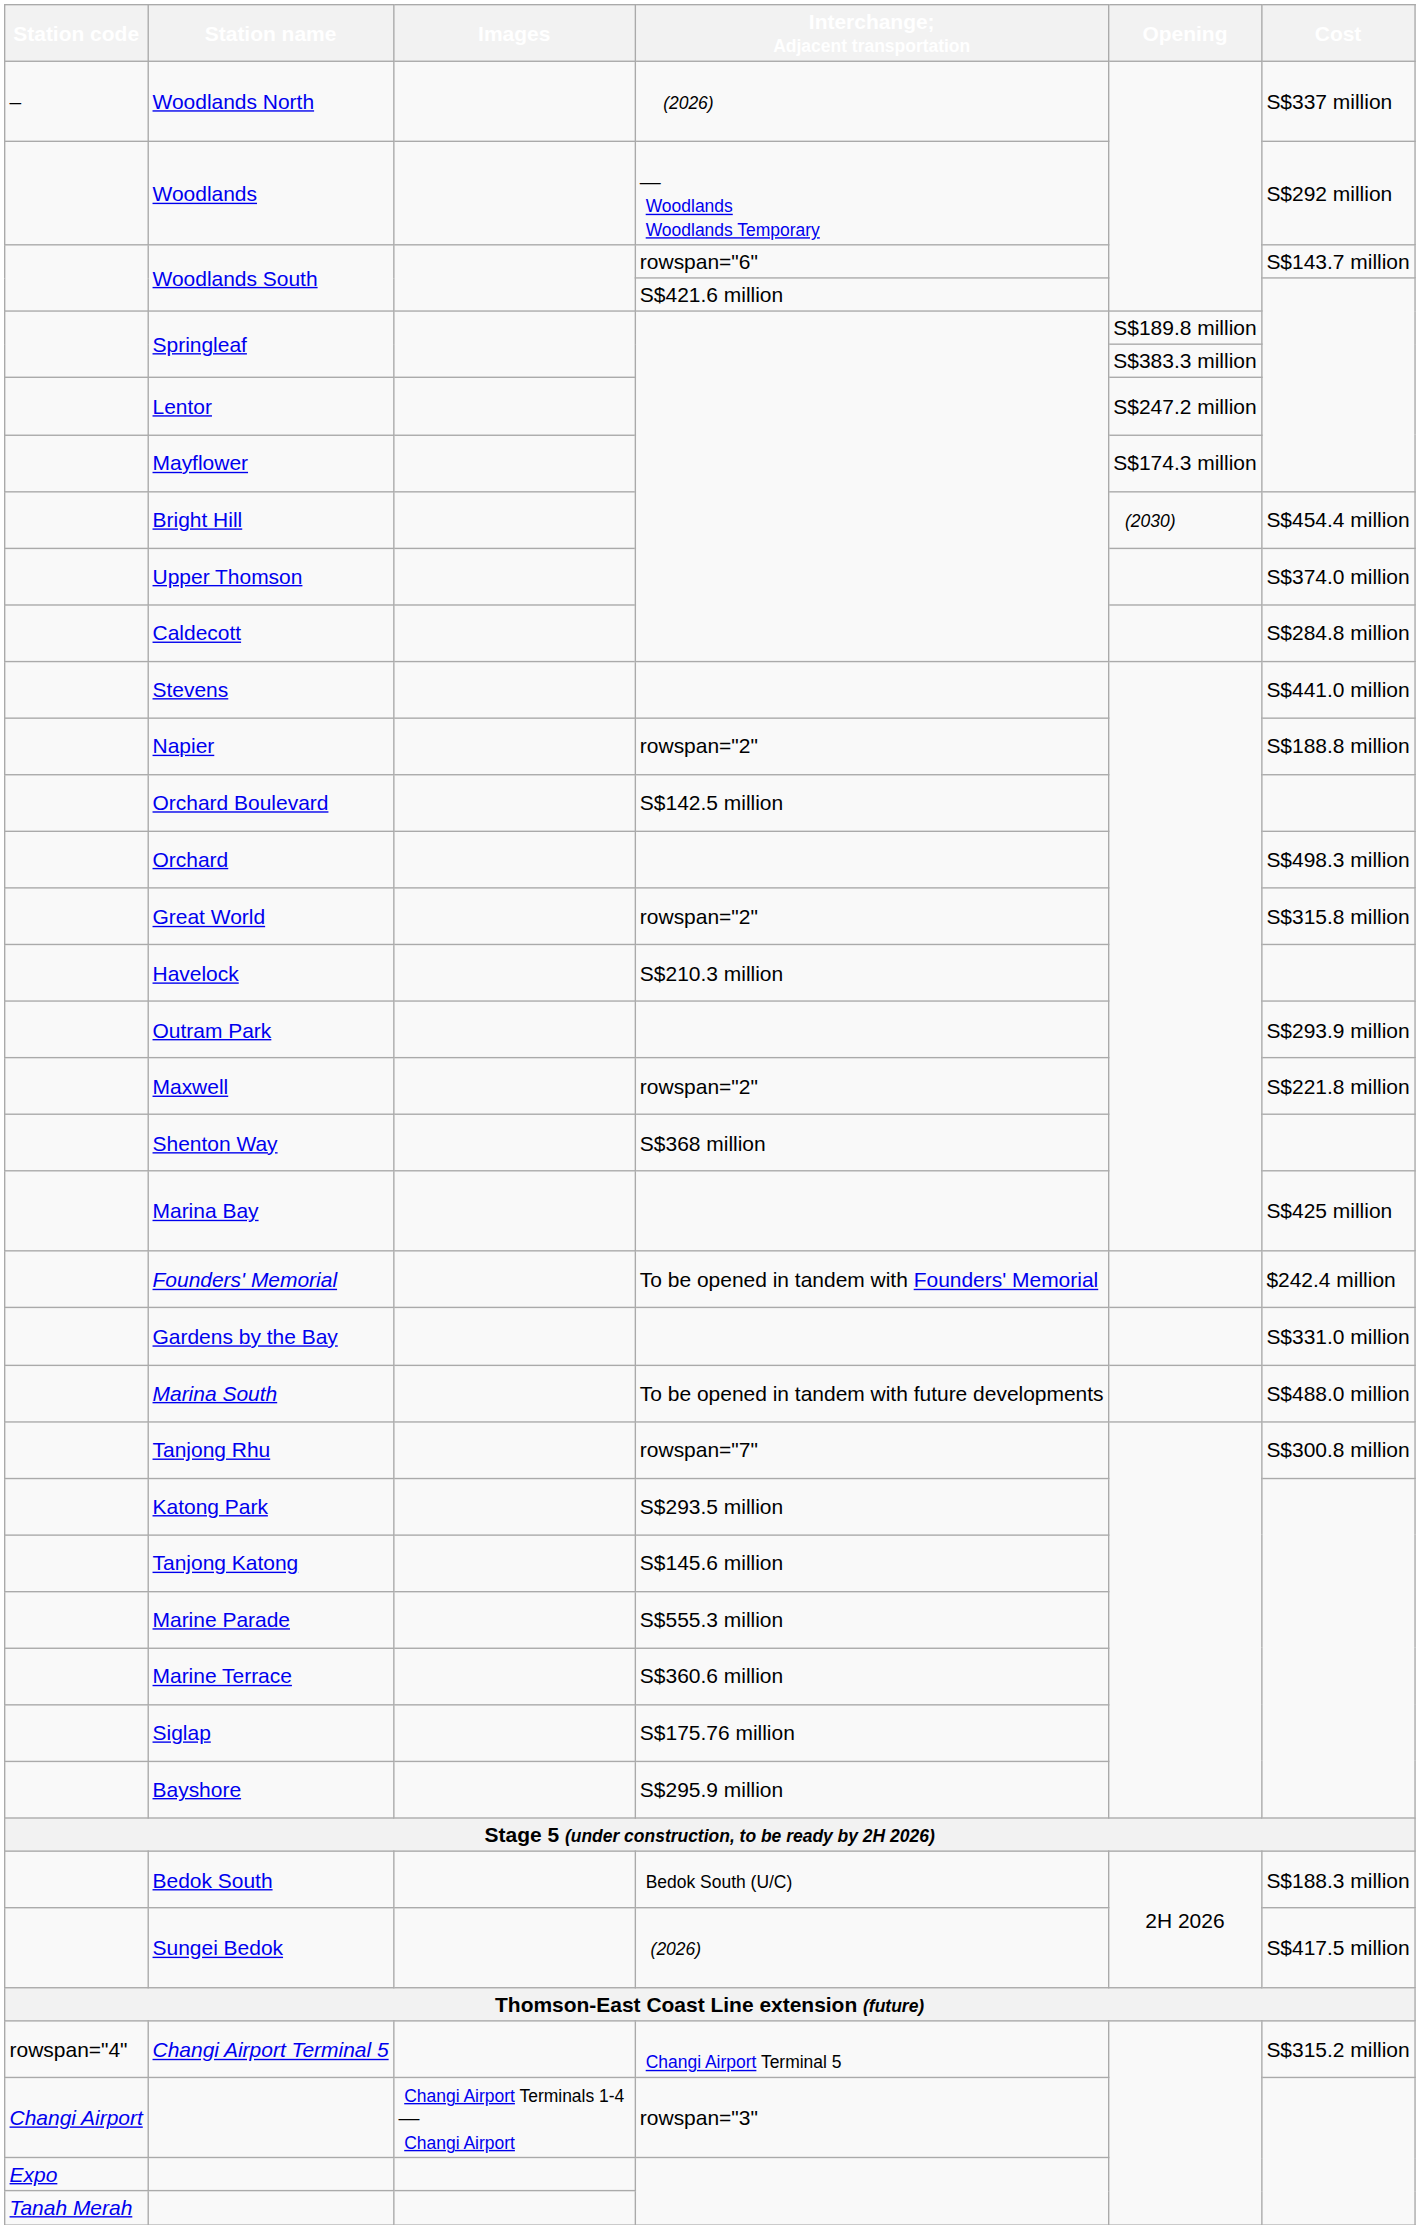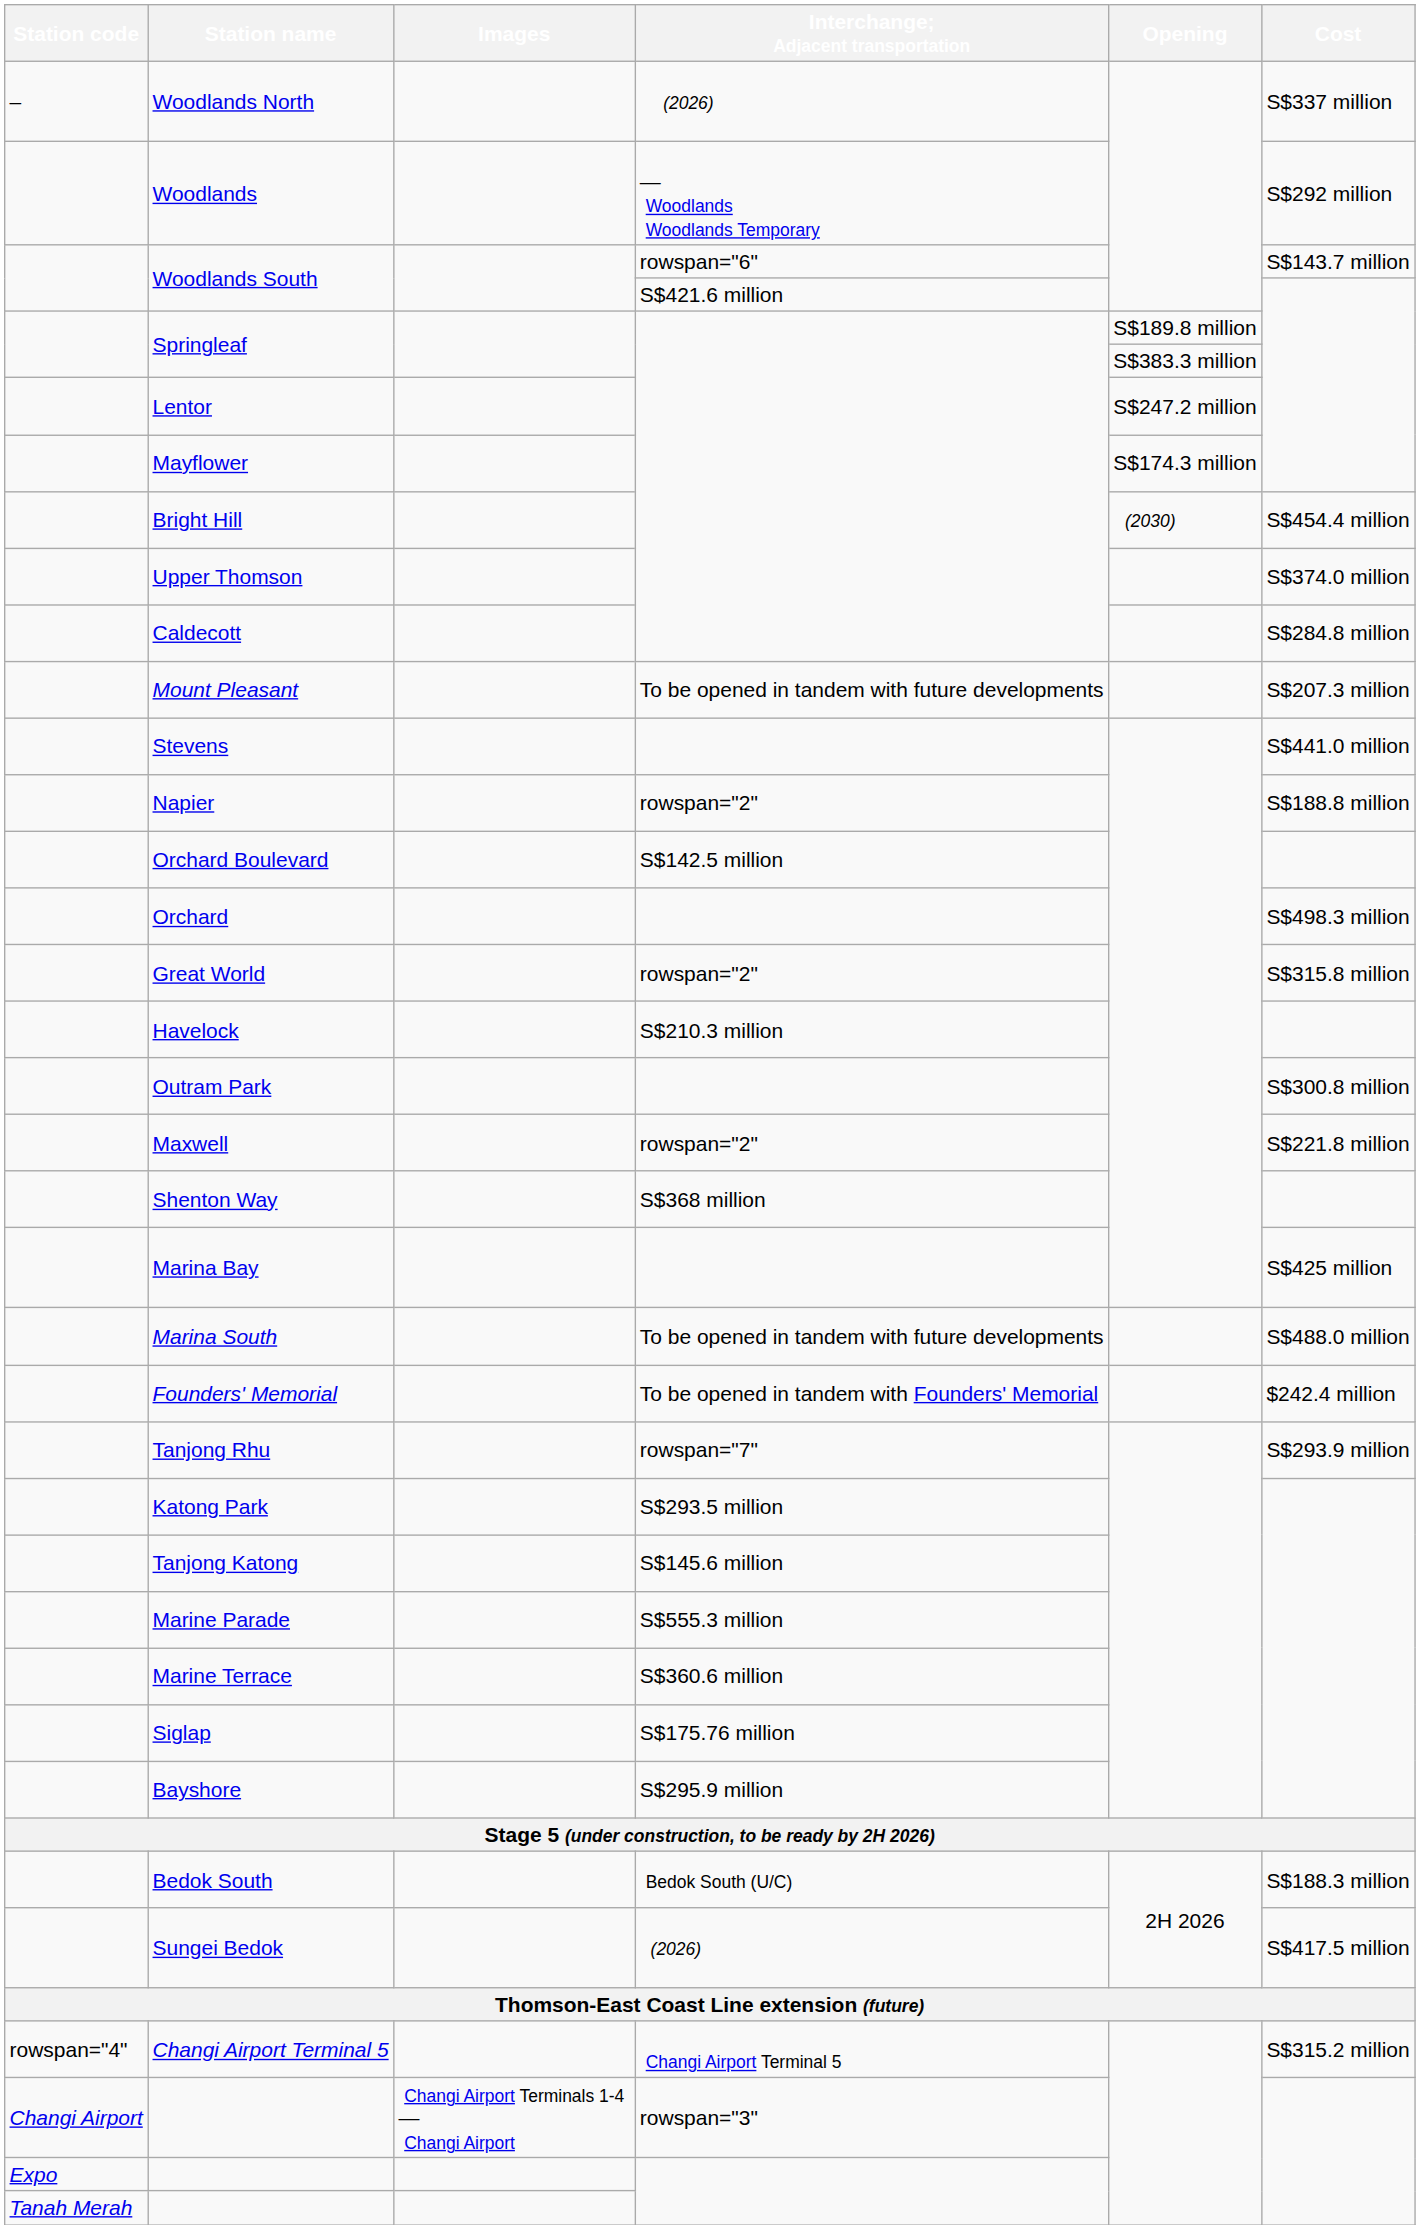 <table class="wikitable" style="color: black; border-collapse: collapse; font-size: 95%">
 <tr>
 <th scope="col" style="color: white; background:#">Station code</th>
 <th scope="col" style="color: white; background:#">Station name</th>
 <th scope="col" style="color: white; background:#">Images</th>
 <th scope="col" style="color: white; background:#">Interchange;<br><small>Adjacent transportation</small></th>
 <th scope="col" style="color: white; background:#">Opening</th>
 <th scope="col" style="color: white; background:#">Cost</th>
 </tr>
 <tr>
 <td scope="row"> <br> – <br>  </td>
 <td><a href='#'>Woodlands North</a></td>
 <td></td>
 <td>    <small><em>(2026)</em></small></td>
 <td rowspan="4"></td>
 <td>S$337 million</td>
 </tr>
 <tr>
 <td scope="row"> <br>   </td>
 <td><a href='#'>Woodlands</a></td>
 <td></td>
 <td> <br> ― <br> <small><a href='#'>Woodlands</a></small><br> <small><a href='#'>Woodlands Temporary</a></small></td>
 <td>S$292 million</td>
 </tr>
 <tr>
 <td scope="row" rowspan="2"> <br>  </td>
 <td rowspan="2"><a href='#'>Woodlands South</a></td>
 <td rowspan="2"></td>
 <td>rowspan="6" </td>
 <td>S$143.7 million</td>
 </tr>
 <tr>
 <td>S$421.6 million</td>
 </tr>
 <tr>
 <td scope="row" rowspan="2"> <br>  </td>
 <td rowspan="2"><a href='#'>Springleaf</a></td>
 <td rowspan="2"></td>
 <td rowspan="7"></td>
 <td>S$189.8 million</td>
 </tr>
 <tr>
 <td>S$383.3 million</td>
 </tr>
 <tr>
 <td scope="row"> <br>   </td>
 <td><a href='#'>Lentor</a></td>
 <td></td>
 <td>S$247.2 million</td>
 </tr>
 <tr>
 <td scope="row"> <br>   </td>
 <td><a href='#'>Mayflower</a></td>
 <td></td>
 <td>S$174.3 million</td>
 </tr>
 <tr>
 <td scope="row"> <br>   </td>
 <td><a href='#'>Bright Hill</a></td>
 <td></td>
 <td>  <small><em>(2030)</em></small></td>
 <td>S$454.4 million</td>
 </tr>
 <tr>
 <td scope="row"> <br>  </td>
 <td><a href='#'>Upper Thomson</a></td>
 <td></td>
 <td></td>
 <td>S$374.0 million</td>
 </tr>
 <tr>
 <td scope="row"> <br>   </td>
 <td><a href='#'>Caldecott</a></td>
 <td></td>
 <td> </td>
 <td>S$284.8 million</td>
 </tr>
 <tr>
+<td scope="row"> <br>   </td>
+<td><em><a href='#'>Mount Pleasant</a></em></td>
+<td></td>
+<td>To be opened in tandem with future developments</td>
+<td></td>
+<td>S$207.3 million</td>
+</tr>
+<tr>
 <td scope="row"> <br>  </td>
 <td><a href='#'>Stevens</a></td>
 <td></td>
 <td> </td>
 <td rowspan="10"></td>
 <td>S$441.0 million</td>
 </tr>
 <tr>
 <td scope="row"> <br>  </td>
 <td><a href='#'>Napier</a></td>
 <td></td>
 <td>rowspan="2" </td>
 <td>S$188.8 million</td>
 </tr>
 <tr>
 <td scope="row"> <br>  </td>
 <td><a href='#'>Orchard Boulevard</a></td>
 <td></td>
 <td>S$142.5 million</td>
 </tr>
 <tr>
 <td scope="row"> <br>  </td>
 <td><a href='#'>Orchard</a></td>
 <td></td>
 <td> </td>
 <td>S$498.3 million</td>
 </tr>
 <tr>
 <td scope="row"> <br>  </td>
 <td><a href='#'>Great World</a></td>
 <td></td>
 <td>rowspan="2" </td>
 <td>S$315.8 million</td>
 </tr>
 <tr>
 <td scope="row"> <br>  </td>
 <td><a href='#'>Havelock</a></td>
 <td></td>
 <td>S$210.3 million</td>
 </tr>
 <tr>
 <td scope="row"> <br>   </td>
 <td><a href='#'>Outram Park</a></td>
 <td></td>
 <td>  <br>  </td>
-<td>S$293.9 million</td>
+<td>S$300.8 million</td>
 </tr>
 <tr>
 <td scope="row"> <br>  </td>
 <td><a href='#'>Maxwell</a></td>
 <td></td>
 <td>rowspan="2" </td>
 <td>S$221.8 million</td>
 </tr>
 <tr>
 <td scope="row"> <br>  </td>
 <td><a href='#'>Shenton Way</a></td>
 <td></td>
 <td>S$368 million</td>
 </tr>
 <tr>
 <td scope="row"> <br>  <br>   </td>
 <td><a href='#'>Marina Bay</a></td>
 <td></td>
 <td>  <br>  </td>
 <td>S$425 million</td>
 </tr>
 <tr>
 <td scope="row"> <br>  </td>
+<td><em><a href='#'>Marina South</a></em></td>
+<td></td>
+<td>To be opened in tandem with future developments</td>
+<td></td>
+<td>S$488.0 million</td>
+</tr>
+<tr>
+<td scope="row"> <br>  </td>
 <td><em><a href='#'>Founders' Memorial</a></em></td>
 <td></td>
 <td>To be opened in tandem with <a href='#'>Founders' Memorial</a></td>
 <td></td>
 <td>$242.4 million</td>
 </tr>
 <tr>
 <td scope="row"> <br>   </td>
-<td><a href='#'>Gardens by the Bay</a></td>
-<td></td>
-<td></td>
-<td></td>
-<td>S$331.0 million</td>
-</tr>
-<tr>
-<td scope="row"> <br>  </td>
-<td><em><a href='#'>Marina South</a></em></td>
-<td></td>
-<td>To be opened in tandem with future developments</td>
-<td></td>
-<td>S$488.0 million</td>
-</tr>
-<tr>
-<td scope="row"> <br>   </td>
 <td><a href='#'>Tanjong Rhu</a></td>
 <td></td>
 <td>rowspan="7" </td>
 <td rowspan="7"></td>
-<td>S$300.8 million</td>
+<td>S$293.9 million</td>
 </tr>
 <tr>
 <td scope="row"> <br>  </td>
 <td><a href='#'>Katong Park</a></td>
 <td></td>
 <td>S$293.5 million</td>
 </tr>
 <tr>
 <td scope="row"> <br>  </td>
 <td><a href='#'>Tanjong Katong</a></td>
 <td></td>
 <td>S$145.6 million</td>
 </tr>
 <tr>
 <td scope="row"> <br>   </td>
 <td><a href='#'>Marine Parade</a></td>
 <td></td>
 <td>S$555.3 million</td>
 </tr>
 <tr>
 <td scope="row"> <br>   </td>
 <td><a href='#'>Marine Terrace</a></td>
 <td></td>
 <td>S$360.6 million</td>
 </tr>
 <tr>
 <td scope="row"> <br>   </td>
 <td><a href='#'>Siglap</a></td>
 <td></td>
 <td>S$175.76 million</td>
 </tr>
 <tr>
 <td scope="row"> <br>   </td>
 <td><a href='#'>Bayshore</a></td>
 <td></td>
 <td>S$295.9 million</td>
 </tr>
 <tr>
 <th colspan=6>Stage 5 <small><em>(under construction, to be ready by 2H 2026)</em></small></th>
 </tr>
 <tr>
 <td scope="row"> <br>   </td>
 <td><a href='#'>Bedok South</a></td>
 <td></td>
 <td> <small>Bedok South (U/C)</small></td>
 <td rowspan="2" style="text-align:center">2H 2026</td>
 <td>S$188.3 million</td>
 </tr>
 <tr>
 <td scope="row">  <br>  <br>   </td>
 <td><a href='#'>Sungei Bedok</a></td>
 <td></td>
 <td> <small> <em>(2026)</em></small></td>
 <td>S$417.5 million</td>
 </tr>
 <tr>
 <th colspan=6>Thomson-East Coast Line extension <small><em>(future)</em></small></th>
 </tr>
 <tr>
 <td>rowspan="4" </td>
 <td><em><a href='#'>Changi Airport Terminal 5</a></em></td>
 <td></td>
 <td> <br> <small><a href='#'>Changi Airport</a> Terminal 5</small> </td>
 <td rowspan="4"></td>
 <td>S$315.2 million</td>
 </tr>
 <tr>
 <td><em><a href='#'>Changi Airport</a></em></td>
 <td></td>
 <td> <small><a href='#'>Changi Airport</a> Terminals 1-4</small> <br> ― <br> <small><a href='#'>Changi Airport</a></small></td>
 <td>rowspan="3" </td>
 </tr>
 <tr>
 <td><em><a href='#'>Expo</a></em></td>
 <td></td>
 <td> </td>
 </tr>
 <tr>
 <td><em><a href='#'>Tanah Merah</a></em></td>
 <td></td>
 <td> </td>
 </tr>
 </table>
